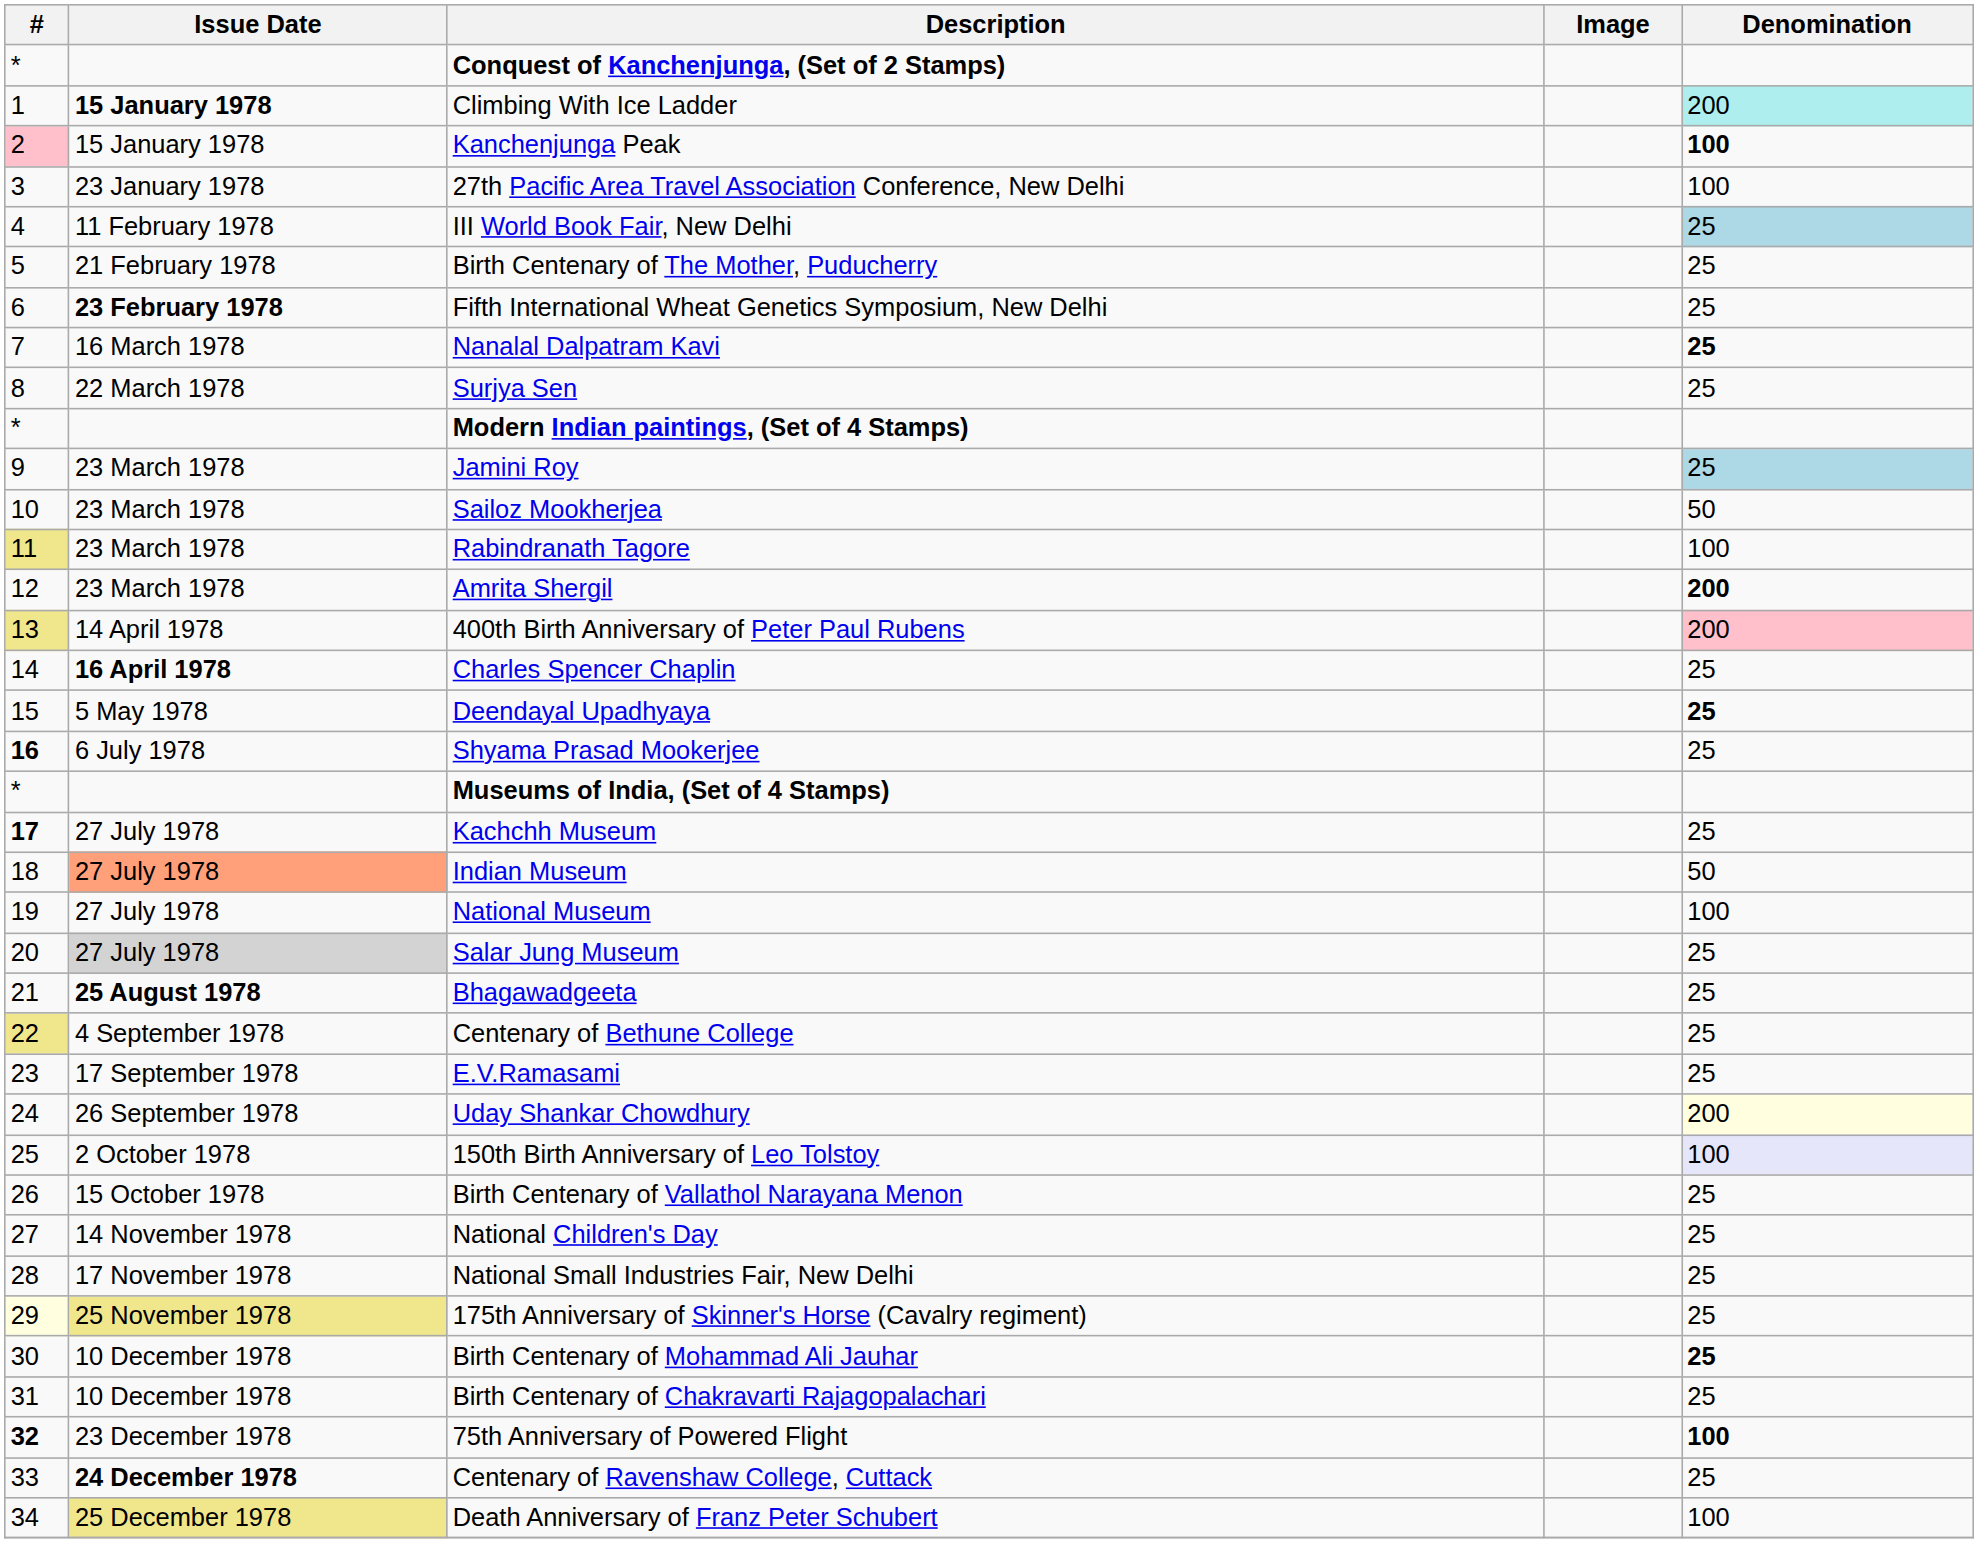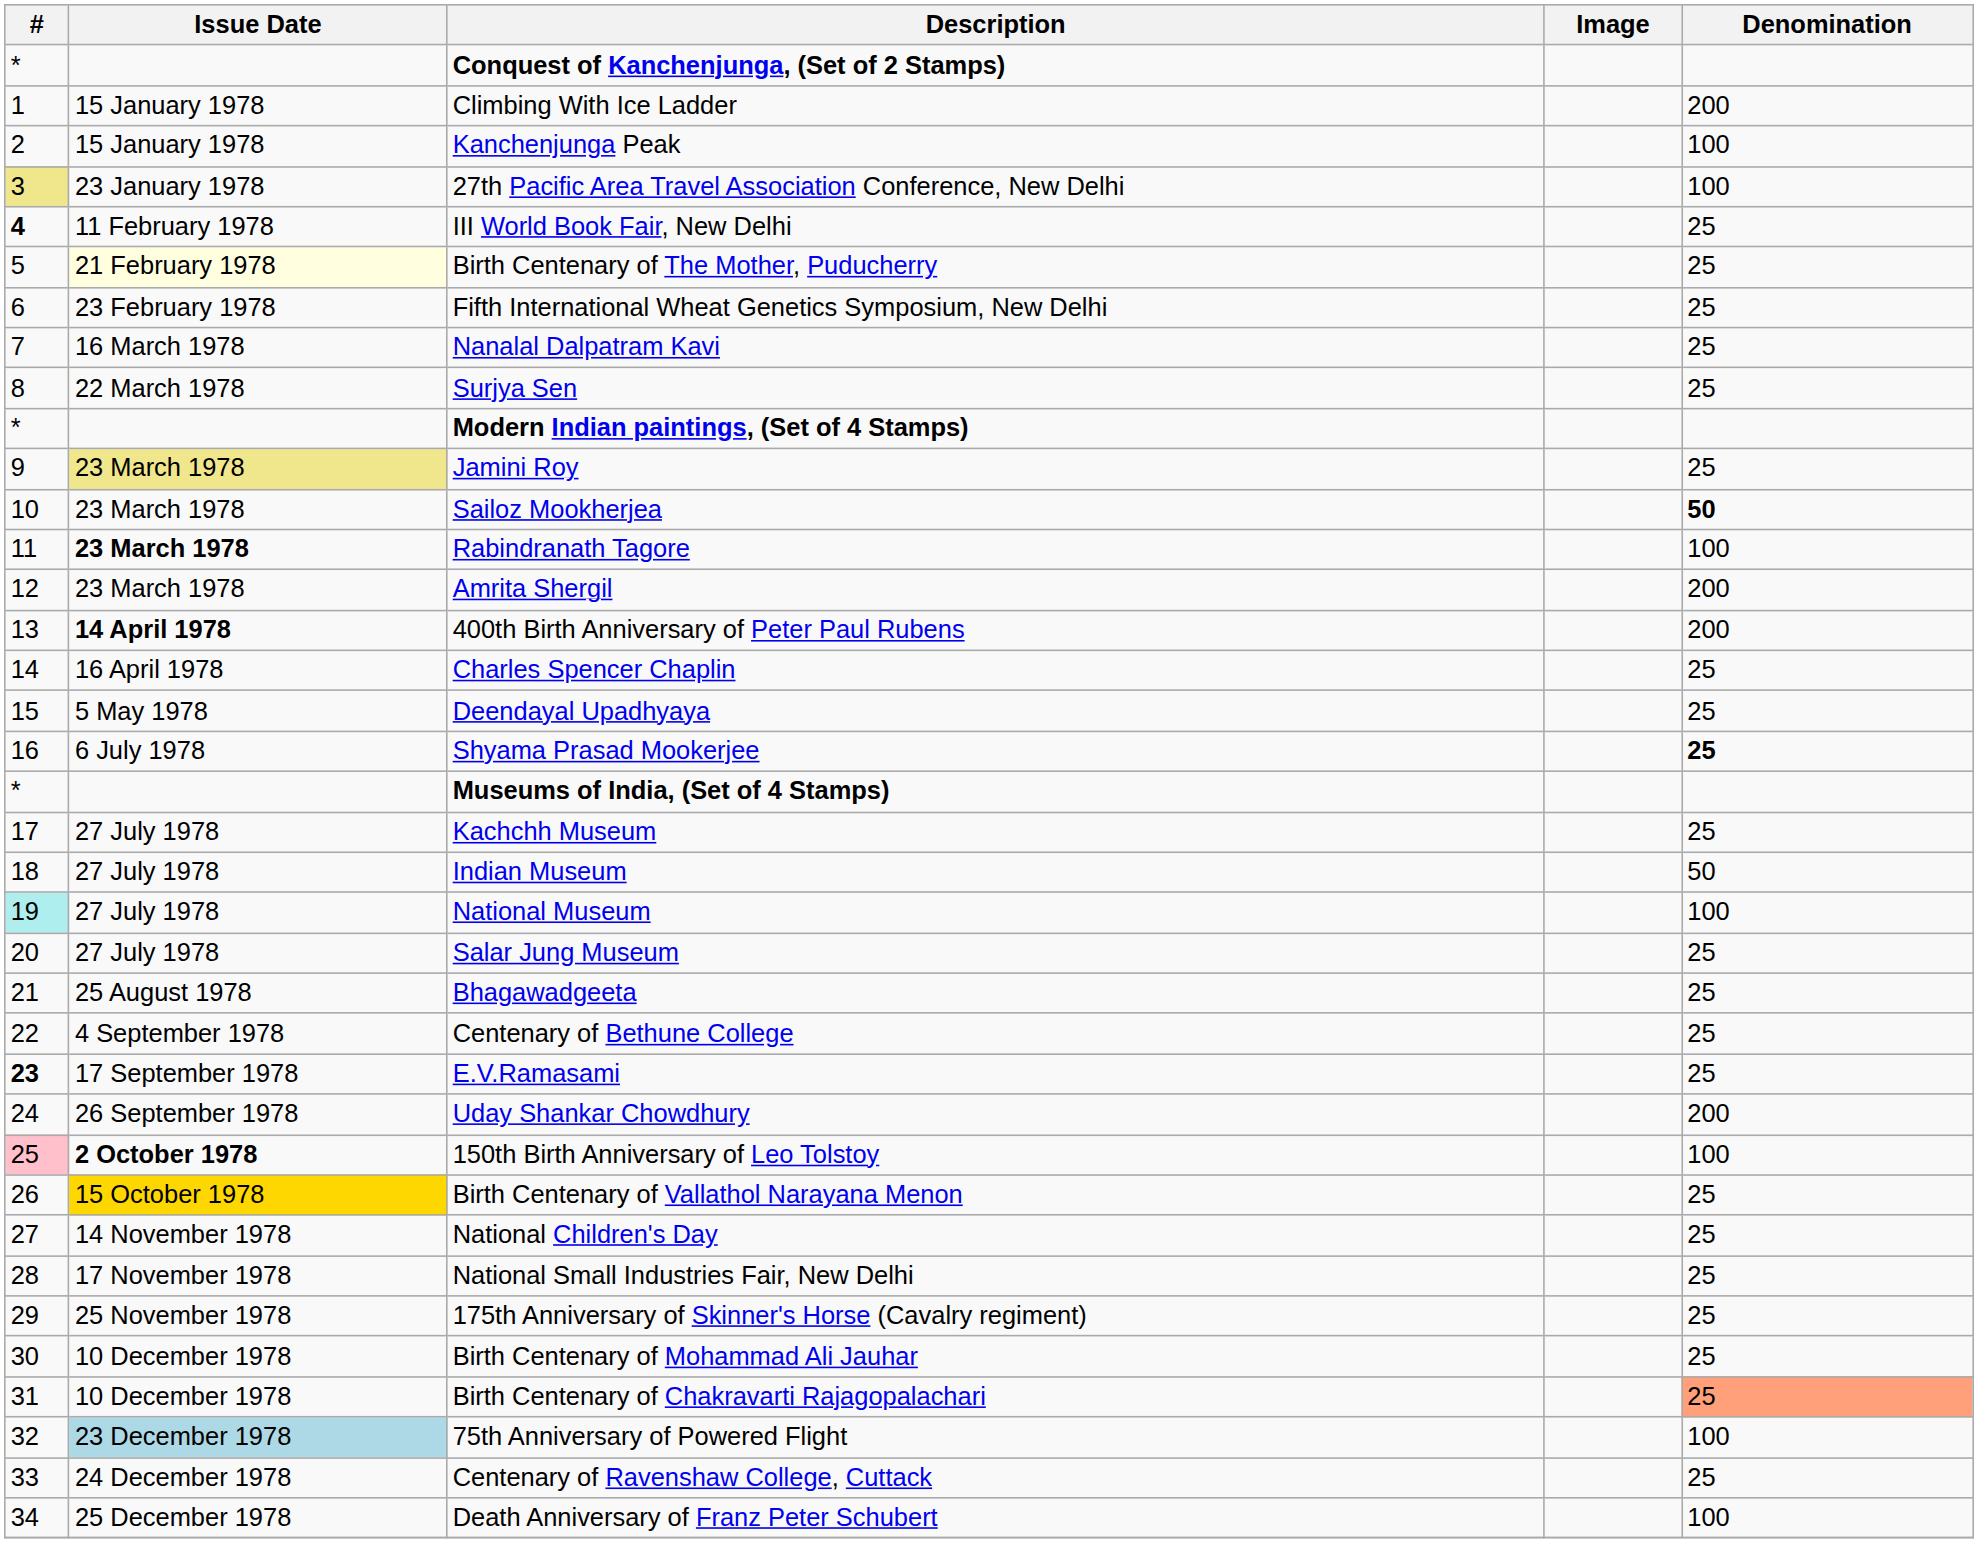 <table class = "wikitable"  style = "text-align:justify" width = "98%">
 <tr>
 <th>#</th>
 <th>Issue Date</th>
 <th>Description</th>
 <th>Image</th>
 <th>Denomination</th>
 </tr>
 <tr>
 <td>*</td>
 <td></td>
 <td><strong>Conquest of <a href='#'>Kanchenjunga</a>, (Set of 2 Stamps)</strong></td>
 <td></td>
 <td></td>
 </tr>
 <tr>
 <td>1</td>
-<td><strong>15 January 1978</strong></td>
+<td>15 January 1978</td>
 <td>Climbing With Ice Ladder</td>
 <td></td>
-<td style="background: paleturquoise;">200</td>
+<td>200</td>
 </tr>
 <tr>
-<td style="background: pink;">2</td>
+<td>2</td>
 <td>15 January 1978</td>
 <td><a href='#'>Kanchenjunga</a> Peak</td>
 <td></td>
-<td><strong>100</strong></td>
+<td>100</td>
 </tr>
 <tr>
-<td>3</td>
+<td style="background: khaki;">3</td>
 <td>23 January 1978</td>
 <td>27th <a href='#'>Pacific Area Travel Association</a> Conference, New Delhi</td>
 <td></td>
 <td>100</td>
 </tr>
 <tr>
-<td>4</td>
+<td><strong>4</strong></td>
 <td>11 February 1978</td>
 <td>III <a href='#'>World Book Fair</a>, New Delhi</td>
 <td></td>
-<td style="background: lightblue;">25</td>
+<td>25</td>
 </tr>
 <tr>
 <td>5</td>
-<td>21 February 1978</td>
+<td style="background: lightyellow;">21 February 1978</td>
 <td>Birth Centenary of <a href='#'>The Mother</a>, <a href='#'>Puducherry</a></td>
 <td></td>
 <td>25</td>
 </tr>
 <tr>
 <td>6</td>
-<td><strong>23 February 1978</strong></td>
+<td>23 February 1978</td>
 <td>Fifth International Wheat Genetics Symposium, New Delhi</td>
 <td></td>
 <td>25</td>
 </tr>
 <tr>
 <td>7</td>
 <td>16 March 1978</td>
 <td><a href='#'>Nanalal Dalpatram Kavi</a></td>
 <td></td>
-<td><strong>25</strong></td>
+<td>25</td>
 </tr>
 <tr>
 <td>8</td>
 <td>22 March 1978</td>
 <td><a href='#'>Surjya Sen</a></td>
 <td></td>
 <td>25</td>
 </tr>
 <tr>
 <td>*</td>
 <td></td>
 <td><strong>Modern <a href='#'>Indian paintings</a>, (Set of 4 Stamps)</strong></td>
 <td></td>
 <td></td>
 </tr>
 <tr>
 <td>9</td>
-<td>23 March 1978</td>
+<td style="background: khaki;">23 March 1978</td>
 <td><a href='#'>Jamini Roy</a></td>
 <td></td>
-<td style="background: lightblue;">25</td>
+<td>25</td>
 </tr>
 <tr>
 <td>10</td>
 <td>23 March 1978</td>
 <td><a href='#'>Sailoz Mookherjea</a></td>
 <td></td>
-<td>50</td>
+<td><strong>50</strong></td>
 </tr>
 <tr>
-<td style="background: khaki;">11</td>
-<td>23 March 1978</td>
+<td>11</td>
+<td><strong>23 March 1978</strong></td>
 <td><a href='#'>Rabindranath Tagore</a></td>
 <td></td>
 <td>100</td>
 </tr>
 <tr>
 <td>12</td>
 <td>23 March 1978</td>
 <td><a href='#'>Amrita Shergil</a></td>
 <td></td>
-<td><strong>200</strong></td>
+<td>200</td>
 </tr>
 <tr>
-<td style="background: khaki;">13</td>
-<td>14 April 1978</td>
+<td>13</td>
+<td><strong>14 April 1978</strong></td>
 <td>400th Birth Anniversary of <a href='#'>Peter Paul Rubens</a></td>
 <td></td>
-<td style="background: pink;">200</td>
+<td>200</td>
 </tr>
 <tr>
 <td>14</td>
-<td><strong>16 April 1978</strong></td>
+<td>16 April 1978</td>
 <td><a href='#'>Charles Spencer Chaplin</a></td>
 <td></td>
 <td>25</td>
 </tr>
 <tr>
 <td>15</td>
 <td>5 May 1978</td>
 <td><a href='#'>Deendayal Upadhyaya</a></td>
 <td></td>
-<td><strong>25</strong></td>
+<td>25</td>
 </tr>
 <tr>
-<td><strong>16</strong></td>
+<td>16</td>
 <td>6 July 1978</td>
 <td><a href='#'>Shyama Prasad Mookerjee</a></td>
 <td></td>
-<td>25</td>
+<td><strong>25</strong></td>
 </tr>
 <tr>
 <td>*</td>
 <td></td>
 <td><strong>Museums of India, (Set of 4 Stamps)</strong></td>
 <td></td>
 <td></td>
 </tr>
 <tr>
-<td><strong>17</strong></td>
+<td>17</td>
 <td>27 July 1978</td>
 <td><a href='#'>Kachchh Museum</a></td>
 <td></td>
 <td>25</td>
 </tr>
 <tr>
 <td>18</td>
-<td style="background: lightsalmon;">27 July 1978</td>
+<td>27 July 1978</td>
 <td><a href='#'>Indian Museum</a></td>
 <td></td>
 <td>50</td>
 </tr>
 <tr>
-<td>19</td>
+<td style="background: paleturquoise;">19</td>
 <td>27 July 1978</td>
 <td><a href='#'>National Museum</a></td>
 <td></td>
 <td>100</td>
 </tr>
 <tr>
 <td>20</td>
-<td style="background: lightgrey;">27 July 1978</td>
+<td>27 July 1978</td>
 <td><a href='#'>Salar Jung Museum</a></td>
 <td></td>
 <td>25</td>
 </tr>
 <tr>
 <td>21</td>
-<td><strong>25 August 1978</strong></td>
+<td>25 August 1978</td>
 <td><a href='#'>Bhagawadgeeta</a></td>
 <td></td>
 <td>25</td>
 </tr>
 <tr>
-<td style="background: khaki;">22</td>
+<td>22</td>
 <td>4 September 1978</td>
 <td>Centenary of <a href='#'>Bethune College</a></td>
 <td></td>
 <td>25</td>
 </tr>
 <tr>
-<td>23</td>
+<td><strong>23</strong></td>
 <td>17 September 1978</td>
 <td><a href='#'>E.V.Ramasami</a></td>
 <td></td>
 <td>25</td>
 </tr>
 <tr>
 <td>24</td>
 <td>26 September 1978</td>
 <td><a href='#'>Uday Shankar Chowdhury</a></td>
 <td></td>
-<td style="background: lightyellow;">200</td>
+<td>200</td>
 </tr>
 <tr>
-<td>25</td>
-<td>2 October 1978</td>
+<td style="background: pink;">25</td>
+<td><strong>2 October 1978</strong></td>
 <td>150th Birth Anniversary of <a href='#'>Leo Tolstoy</a></td>
 <td></td>
-<td style="background: lavender;">100</td>
+<td>100</td>
 </tr>
 <tr>
 <td>26</td>
-<td>15 October 1978</td>
+<td style="background: gold;">15 October 1978</td>
 <td>Birth Centenary of <a href='#'>Vallathol Narayana Menon</a></td>
 <td></td>
 <td>25</td>
 </tr>
 <tr>
 <td>27</td>
 <td>14 November 1978</td>
 <td>National <a href='#'>Children's Day</a></td>
 <td></td>
 <td>25</td>
 </tr>
 <tr>
 <td>28</td>
 <td>17 November 1978</td>
 <td>National Small Industries Fair, New Delhi</td>
 <td></td>
 <td>25</td>
 </tr>
 <tr>
-<td style="background: lightyellow;">29</td>
-<td style="background: khaki;">25 November 1978</td>
+<td>29</td>
+<td>25 November 1978</td>
 <td>175th Anniversary of <a href='#'>Skinner's Horse</a> (Cavalry regiment)</td>
 <td></td>
 <td>25</td>
 </tr>
 <tr>
 <td>30</td>
 <td>10 December 1978</td>
 <td>Birth Centenary of <a href='#'>Mohammad Ali Jauhar</a></td>
 <td></td>
-<td><strong>25</strong></td>
+<td>25</td>
 </tr>
 <tr>
 <td>31</td>
 <td>10 December 1978</td>
 <td>Birth Centenary of <a href='#'>Chakravarti Rajagopalachari</a></td>
 <td></td>
-<td>25</td>
+<td style="background: lightsalmon;">25</td>
 </tr>
 <tr>
-<td><strong>32</strong></td>
-<td>23 December 1978</td>
+<td>32</td>
+<td style="background: lightblue;">23 December 1978</td>
 <td>75th Anniversary of Powered Flight</td>
 <td></td>
-<td><strong>100</strong></td>
+<td>100</td>
 </tr>
 <tr>
 <td>33</td>
-<td><strong>24 December 1978</strong></td>
+<td>24 December 1978</td>
 <td>Centenary of <a href='#'>Ravenshaw College</a>, <a href='#'>Cuttack</a></td>
 <td></td>
 <td>25</td>
 </tr>
 <tr>
 <td>34</td>
-<td style="background: khaki;">25 December 1978</td>
+<td>25 December 1978</td>
 <td>Death Anniversary of <a href='#'>Franz Peter Schubert</a></td>
 <td></td>
 <td>100</td>
 </tr>
 <tr>
 </tr>
 </table>
